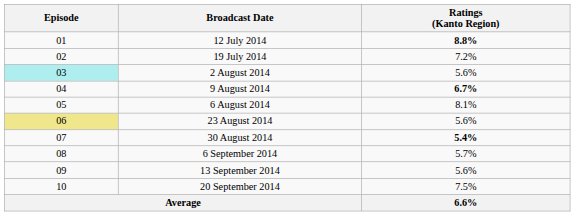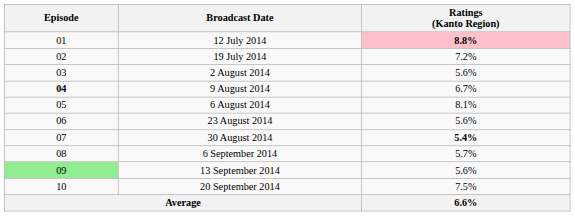 <table class="wikitable" style="text-align:center" width=70%>
 <tr>
 <th>Episode</th>
 <th>Broadcast Date</th>
 <th>Ratings<br>(Kanto Region)</th>
 </tr>
 <tr>
 <td>01</td>
 <td>12 July 2014</td>
-<td><span><strong>8.8%</strong></span></td>
+<td style="background: pink;"><span><strong>8.8%</strong></span></td>
 </tr>
 <tr>
 <td>02</td>
 <td>19 July 2014</td>
 <td>7.2%</td>
 </tr>
 <tr>
-<td style="background: paleturquoise;">03</td>
+<td>03</td>
 <td>2 August 2014</td>
 <td>5.6%</td>
 </tr>
 <tr>
-<td>04</td>
+<td><strong>04</strong></td>
 <td>9 August 2014</td>
-<td><strong>6.7%</strong></td>
+<td>6.7%</td>
 </tr>
 <tr>
 <td>05</td>
 <td>6 August 2014</td>
 <td>8.1%</td>
 </tr>
 <tr>
-<td style="background: khaki;">06</td>
+<td>06</td>
 <td>23 August 2014</td>
 <td>5.6%</td>
 </tr>
 <tr>
 <td>07</td>
 <td>30 August 2014</td>
 <td><span><strong>5.4%</strong></span></td>
 </tr>
 <tr>
 <td>08</td>
 <td>6 September 2014</td>
 <td>5.7%</td>
 </tr>
 <tr>
-<td>09</td>
+<td style="background: lightgreen;">09</td>
 <td>13 September 2014</td>
 <td>5.6%</td>
 </tr>
 <tr>
 <td>10</td>
 <td>20 September 2014</td>
 <td>7.5%</td>
 </tr>
 <tr>
 <th colspan=2>Average</th>
 <th>6.6%</th>
 </tr>
 </table>
